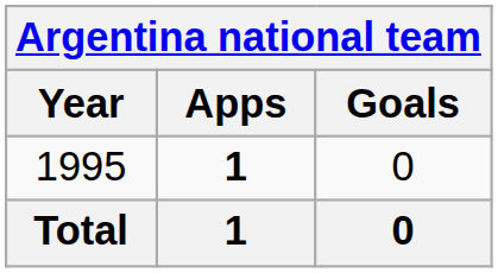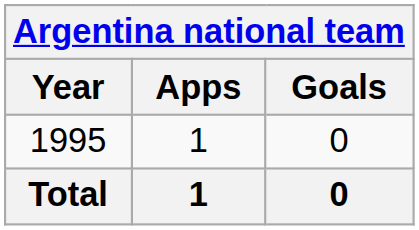 <table class="wikitable" style="text-align:center">
 <tr>
 <th colspan=3><a href='#'>Argentina national team</a></th>
 </tr>
 <tr>
 <th>Year</th>
 <th>Apps</th>
 <th>Goals</th>
 </tr>
 <tr>
 <td>1995</td>
-<td><strong>1</strong></td>
+<td>1</td>
 <td>0</td>
 </tr>
 <tr>
 <th>Total</th>
 <th>1</th>
 <th>0</th>
 </tr>
 </table>
